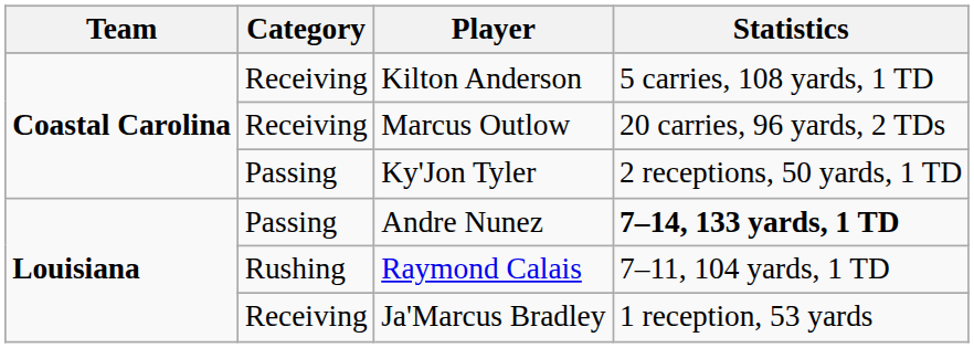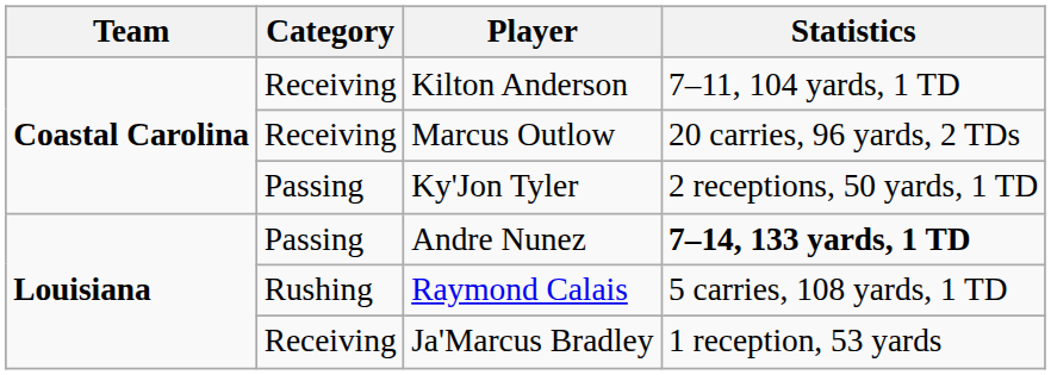 <table class="wikitable" style="float: left;">
 <tr>
 <th>Team</th>
 <th>Category</th>
 <th>Player</th>
 <th>Statistics</th>
 </tr>
 <tr>
 <td rowspan=3><strong>Coastal Carolina</strong></td>
 <td>Receiving</td>
 <td>Kilton Anderson</td>
-<td>5 carries, 108 yards, 1 TD</td>
+<td>7–11, 104 yards, 1 TD</td>
 </tr>
 <tr>
 <td>Receiving</td>
 <td>Marcus Outlow</td>
 <td>20 carries, 96 yards, 2 TDs</td>
 </tr>
 <tr>
 <td>Passing</td>
 <td>Ky'Jon Tyler</td>
 <td>2 receptions, 50 yards, 1 TD</td>
 </tr>
 <tr>
 <td rowspan=3><strong>Louisiana</strong></td>
 <td>Passing</td>
 <td>Andre Nunez</td>
 <td><strong>7–14, 133 yards, 1 TD</strong></td>
 </tr>
 <tr>
 <td>Rushing</td>
 <td><a href='#'>Raymond Calais</a></td>
-<td>7–11, 104 yards, 1 TD</td>
+<td>5 carries, 108 yards, 1 TD</td>
 </tr>
 <tr>
 <td>Receiving</td>
 <td>Ja'Marcus Bradley</td>
 <td>1 reception, 53 yards</td>
 </tr>
 </table>
